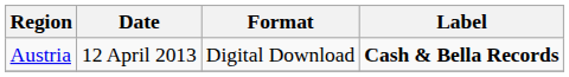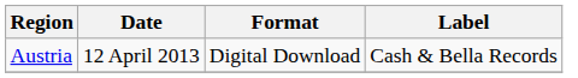 <table class=wikitable>
 <tr>
 <th>Region</th>
 <th>Date</th>
 <th>Format</th>
 <th>Label</th>
 </tr>
 <tr>
 <td><a href='#'>Austria</a></td>
 <td>12 April 2013</td>
 <td>Digital Download</td>
-<td><strong>Cash & Bella Records</strong></td>
+<td>Cash & Bella Records</td>
 </tr>
 <tr>
 </tr>
 </table>
